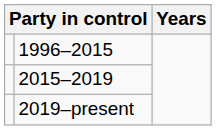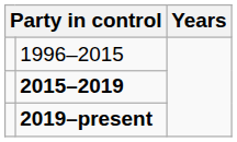 <table class="wikitable">
 <tr>
 <th colspan="2">Party in control</th>
 <th>Years</th>
 </tr>
 <tr>
 <td></td>
 <td>1996–2015</td>
 </tr>
 <tr>
 <td></td>
-<td>2015–2019</td>
+<td><strong>2015–2019</strong></td>
 </tr>
 <tr>
 <td></td>
-<td>2019–present</td>
+<td><strong>2019–present</strong></td>
 </tr>
 </table>
